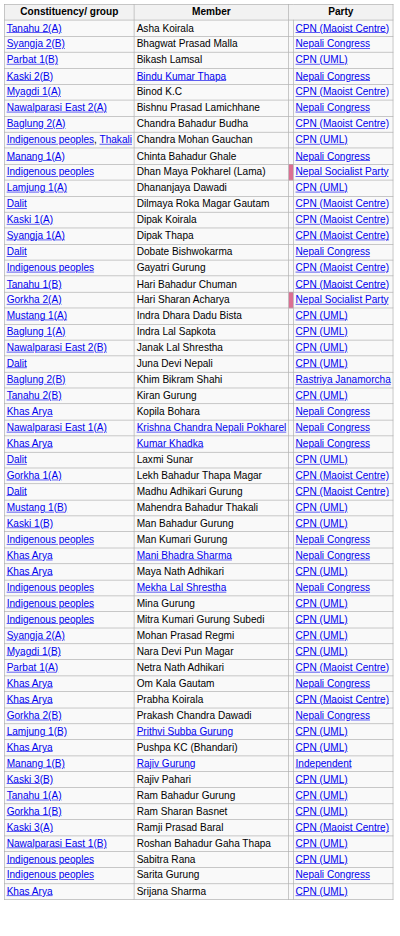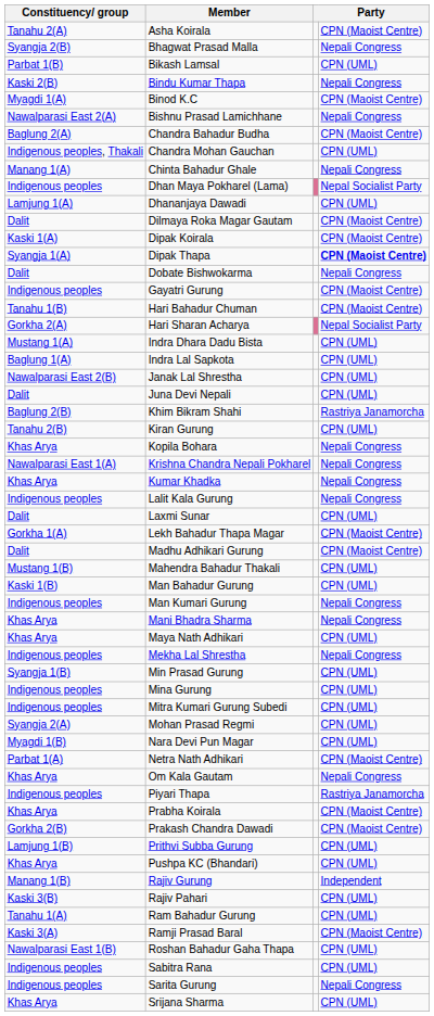 <table class="wikitable sortable">
 <tr>
 <th>Constituency/ group</th>
 <th>Member</th>
 <th colspan="2">Party</th>
 </tr>
 <tr>
 <td><a href='#'>Tanahu 2(A)</a></td>
 <td>Asha Koirala</td>
 <td></td>
 <td><a href='#'>CPN (Maoist Centre)</a></td>
 </tr>
 <tr>
 <td><a href='#'>Syangja 2(B)</a></td>
 <td>Bhagwat Prasad Malla</td>
 <td></td>
 <td><a href='#'>Nepali Congress</a></td>
 </tr>
 <tr>
 <td><a href='#'>Parbat 1(B)</a></td>
 <td>Bikash Lamsal</td>
 <td></td>
 <td><a href='#'>CPN (UML)</a></td>
 </tr>
 <tr>
 <td><a href='#'>Kaski 2(B)</a></td>
 <td><a href='#'>Bindu Kumar Thapa</a></td>
 <td></td>
 <td><a href='#'>Nepali Congress</a></td>
 </tr>
 <tr>
 <td><a href='#'>Myagdi 1(A)</a></td>
 <td>Binod K.C</td>
 <td></td>
 <td><a href='#'>CPN (Maoist Centre)</a></td>
 </tr>
 <tr>
 <td><a href='#'>Nawalparasi East 2(A)</a></td>
 <td>Bishnu Prasad Lamichhane</td>
 <td></td>
 <td><a href='#'>Nepali Congress</a></td>
 </tr>
 <tr>
 <td><a href='#'>Baglung 2(A)</a></td>
 <td>Chandra Bahadur Budha</td>
 <td></td>
 <td><a href='#'>CPN (Maoist Centre)</a></td>
 </tr>
 <tr>
 <td><a href='#'>Indigenous peoples</a>, <a href='#'>Thakali</a></td>
 <td>Chandra Mohan Gauchan</td>
 <td></td>
 <td><a href='#'>CPN (UML)</a></td>
 </tr>
 <tr>
 <td><a href='#'>Manang 1(A)</a></td>
 <td>Chinta Bahadur Ghale</td>
 <td></td>
 <td><a href='#'>Nepali Congress</a></td>
 </tr>
 <tr>
 <td><a href='#'>Indigenous peoples</a></td>
 <td>Dhan Maya Pokharel (Lama)</td>
 <td bgcolor="palevioletred"></td>
 <td><a href='#'>Nepal Socialist Party</a></td>
 </tr>
 <tr>
 <td><a href='#'>Lamjung 1(A)</a></td>
 <td>Dhananjaya Dawadi</td>
 <td></td>
 <td><a href='#'>CPN (UML)</a></td>
 </tr>
 <tr>
 <td><a href='#'>Dalit</a></td>
 <td>Dilmaya Roka Magar Gautam</td>
 <td></td>
 <td><a href='#'>CPN (Maoist Centre)</a></td>
 </tr>
 <tr>
 <td><a href='#'>Kaski 1(A)</a></td>
 <td>Dipak Koirala</td>
 <td></td>
 <td><a href='#'>CPN (Maoist Centre)</a></td>
 </tr>
 <tr>
 <td><a href='#'>Syangja 1(A)</a></td>
 <td>Dipak Thapa</td>
 <td></td>
-<td><a href='#'>CPN (Maoist Centre)</a></td>
+<td><strong><a href='#'>CPN (Maoist Centre)</a></strong></td>
 </tr>
 <tr>
 <td><a href='#'>Dalit</a></td>
 <td>Dobate Bishwokarma</td>
 <td></td>
 <td><a href='#'>Nepali Congress</a></td>
 </tr>
 <tr>
 <td><a href='#'>Indigenous peoples</a></td>
 <td>Gayatri Gurung</td>
 <td></td>
 <td><a href='#'>CPN (Maoist Centre)</a></td>
 </tr>
 <tr>
 <td><a href='#'>Tanahu 1(B)</a></td>
 <td>Hari Bahadur Chuman</td>
 <td></td>
 <td><a href='#'>CPN (Maoist Centre)</a></td>
 </tr>
 <tr>
 <td><a href='#'>Gorkha 2(A)</a></td>
 <td>Hari Sharan Acharya</td>
 <td bgcolor="palevioletred"></td>
 <td><a href='#'>Nepal Socialist Party</a></td>
 </tr>
 <tr>
 <td><a href='#'>Mustang 1(A)</a></td>
 <td>Indra Dhara Dadu Bista</td>
 <td></td>
 <td><a href='#'>CPN (UML)</a></td>
 </tr>
 <tr>
 <td><a href='#'>Baglung 1(A)</a></td>
 <td>Indra Lal Sapkota</td>
 <td></td>
 <td><a href='#'>CPN (UML)</a></td>
 </tr>
 <tr>
 <td><a href='#'>Nawalparasi East 2(B)</a></td>
 <td>Janak Lal Shrestha</td>
 <td></td>
 <td><a href='#'>CPN (UML)</a></td>
 </tr>
 <tr>
 <td><a href='#'>Dalit</a></td>
 <td>Juna Devi Nepali</td>
 <td></td>
 <td><a href='#'>CPN (UML)</a></td>
 </tr>
 <tr>
 <td><a href='#'>Baglung 2(B)</a></td>
 <td>Khim Bikram Shahi</td>
 <td></td>
 <td><a href='#'>Rastriya Janamorcha</a></td>
 </tr>
 <tr>
 <td><a href='#'>Tanahu 2(B)</a></td>
 <td>Kiran Gurung</td>
 <td></td>
 <td><a href='#'>CPN (UML)</a></td>
 </tr>
 <tr>
 <td><a href='#'>Khas Arya</a></td>
 <td>Kopila Bohara</td>
 <td></td>
 <td><a href='#'>Nepali Congress</a></td>
 </tr>
 <tr>
 <td><a href='#'>Nawalparasi East 1(A)</a></td>
 <td><a href='#'>Krishna Chandra Nepali Pokharel</a></td>
 <td></td>
 <td><a href='#'>Nepali Congress</a></td>
 </tr>
 <tr>
 <td><a href='#'>Khas Arya</a></td>
 <td><a href='#'>Kumar Khadka</a></td>
 <td></td>
 <td><a href='#'>Nepali Congress</a></td>
 </tr>
 <tr>
+<td><a href='#'>Indigenous peoples</a></td>
+<td>Lalit Kala Gurung</td>
+<td></td>
+<td><a href='#'>Nepali Congress</a></td>
+</tr>
+<tr>
 <td><a href='#'>Dalit</a></td>
 <td>Laxmi Sunar</td>
 <td></td>
 <td><a href='#'>CPN (UML)</a></td>
 </tr>
 <tr>
 <td><a href='#'>Gorkha 1(A)</a></td>
 <td>Lekh Bahadur Thapa Magar</td>
 <td></td>
 <td><a href='#'>CPN (Maoist Centre)</a></td>
 </tr>
 <tr>
 <td><a href='#'>Dalit</a></td>
 <td>Madhu Adhikari Gurung</td>
 <td></td>
 <td><a href='#'>CPN (Maoist Centre)</a></td>
 </tr>
 <tr>
 <td><a href='#'>Mustang 1(B)</a></td>
 <td>Mahendra Bahadur Thakali</td>
 <td></td>
 <td><a href='#'>CPN (UML)</a></td>
 </tr>
 <tr>
 <td><a href='#'>Kaski 1(B)</a></td>
 <td>Man Bahadur Gurung</td>
 <td></td>
 <td><a href='#'>CPN (UML)</a></td>
 </tr>
 <tr>
 <td><a href='#'>Indigenous peoples</a></td>
 <td>Man Kumari Gurung</td>
 <td></td>
 <td><a href='#'>Nepali Congress</a></td>
 </tr>
 <tr>
 <td><a href='#'>Khas Arya</a></td>
 <td><a href='#'>Mani Bhadra Sharma</a></td>
 <td></td>
 <td><a href='#'>Nepali Congress</a></td>
 </tr>
 <tr>
 <td><a href='#'>Khas Arya</a></td>
 <td>Maya Nath Adhikari</td>
 <td></td>
 <td><a href='#'>CPN (UML)</a></td>
 </tr>
 <tr>
 <td><a href='#'>Indigenous peoples</a></td>
 <td><a href='#'>Mekha Lal Shrestha</a></td>
 <td></td>
 <td><a href='#'>Nepali Congress</a></td>
 </tr>
 <tr>
+<td><a href='#'>Syangja 1(B)</a></td>
+<td>Min Prasad Gurung</td>
+<td></td>
+<td><a href='#'>CPN (UML)</a></td>
+</tr>
+<tr>
 <td><a href='#'>Indigenous peoples</a></td>
 <td>Mina Gurung</td>
 <td></td>
 <td><a href='#'>CPN (UML)</a></td>
 </tr>
 <tr>
 <td><a href='#'>Indigenous peoples</a></td>
 <td>Mitra Kumari Gurung Subedi</td>
 <td></td>
 <td><a href='#'>CPN (UML)</a></td>
 </tr>
 <tr>
 <td><a href='#'>Syangja 2(A)</a></td>
 <td>Mohan Prasad Regmi</td>
 <td></td>
 <td><a href='#'>CPN (UML)</a></td>
 </tr>
 <tr>
 <td><a href='#'>Myagdi 1(B)</a></td>
 <td>Nara Devi Pun Magar</td>
 <td></td>
 <td><a href='#'>CPN (UML)</a></td>
 </tr>
 <tr>
 <td><a href='#'>Parbat 1(A)</a></td>
 <td>Netra Nath Adhikari</td>
 <td></td>
 <td><a href='#'>CPN (Maoist Centre)</a></td>
 </tr>
 <tr>
 <td><a href='#'>Khas Arya</a></td>
 <td>Om Kala Gautam</td>
 <td></td>
 <td><a href='#'>Nepali Congress</a></td>
 </tr>
 <tr>
+<td><a href='#'>Indigenous peoples</a></td>
+<td>Piyari Thapa</td>
+<td></td>
+<td><a href='#'>Rastriya Janamorcha</a></td>
+</tr>
+<tr>
 <td><a href='#'>Khas Arya</a></td>
 <td>Prabha Koirala</td>
 <td></td>
 <td><a href='#'>CPN (Maoist Centre)</a></td>
 </tr>
 <tr>
 <td><a href='#'>Gorkha 2(B)</a></td>
 <td>Prakash Chandra Dawadi</td>
 <td></td>
-<td><a href='#'>Nepali Congress</a></td>
+<td><a href='#'>CPN (Maoist Centre)</a></td>
 </tr>
 <tr>
 <td><a href='#'>Lamjung 1(B)</a></td>
 <td><a href='#'>Prithvi Subba Gurung</a></td>
 <td></td>
 <td><a href='#'>CPN (UML)</a></td>
 </tr>
 <tr>
 <td><a href='#'>Khas Arya</a></td>
 <td>Pushpa KC (Bhandari)</td>
 <td></td>
 <td><a href='#'>CPN (UML)</a></td>
 </tr>
 <tr>
 <td><a href='#'>Manang 1(B)</a></td>
 <td><a href='#'>Rajiv Gurung</a></td>
 <td></td>
 <td><a href='#'>Independent</a></td>
 </tr>
 <tr>
 <td><a href='#'>Kaski 3(B)</a></td>
 <td>Rajiv Pahari</td>
 <td></td>
 <td><a href='#'>CPN (UML)</a></td>
 </tr>
 <tr>
 <td><a href='#'>Tanahu 1(A)</a></td>
 <td>Ram Bahadur Gurung</td>
-<td></td>
-<td><a href='#'>CPN (UML)</a></td>
-</tr>
-<tr>
-<td><a href='#'>Gorkha 1(B)</a></td>
-<td>Ram Sharan Basnet</td>
 <td></td>
 <td><a href='#'>CPN (UML)</a></td>
 </tr>
 <tr>
 <td><a href='#'>Kaski 3(A)</a></td>
 <td>Ramji Prasad Baral</td>
 <td></td>
 <td><a href='#'>CPN (Maoist Centre)</a></td>
 </tr>
 <tr>
 <td><a href='#'>Nawalparasi East 1(B)</a></td>
 <td>Roshan Bahadur Gaha Thapa</td>
 <td></td>
 <td><a href='#'>CPN (UML)</a></td>
 </tr>
 <tr>
 <td><a href='#'>Indigenous peoples</a></td>
 <td>Sabitra Rana</td>
 <td></td>
 <td><a href='#'>CPN (UML)</a></td>
 </tr>
 <tr>
 <td><a href='#'>Indigenous peoples</a></td>
 <td>Sarita Gurung</td>
 <td></td>
 <td><a href='#'>Nepali Congress</a></td>
 </tr>
 <tr>
 <td><a href='#'>Khas Arya</a></td>
 <td>Srijana Sharma</td>
 <td></td>
 <td><a href='#'>CPN (UML)</a></td>
 </tr>
 </table>
